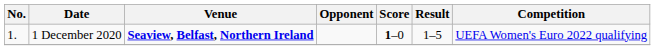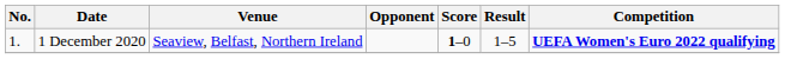 <table class="wikitable">
 <tr>
 <th>No.</th>
 <th>Date</th>
 <th>Venue</th>
 <th>Opponent</th>
 <th>Score</th>
 <th>Result</th>
 <th>Competition</th>
 </tr>
 <tr>
 <td>1.</td>
 <td>1 December 2020</td>
-<td><strong><a href='#'>Seaview</a>, <a href='#'>Belfast</a>, <a href='#'>Northern Ireland</a></strong></td>
+<td><a href='#'>Seaview</a>, <a href='#'>Belfast</a>, <a href='#'>Northern Ireland</a></td>
 <td></td>
 <td align=center><strong>1</strong>–0</td>
 <td align=center>1–5</td>
-<td><a href='#'>UEFA Women's Euro 2022 qualifying</a></td>
+<td><strong><a href='#'>UEFA Women's Euro 2022 qualifying</a></strong></td>
 </tr>
 <tr>
 </tr>
 </table>
